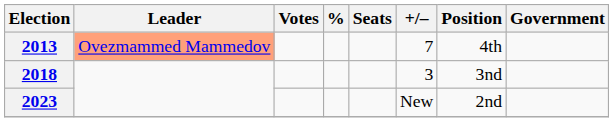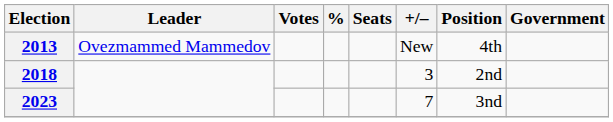 <table class=wikitable style="text-align: right;">
 <tr>
 <th>Election</th>
 <th>Leader</th>
 <th>Votes</th>
 <th>%</th>
 <th>Seats</th>
 <th>+/–</th>
 <th>Position</th>
 <th>Government</th>
 </tr>
 <tr>
 <th><a href='#'>2013</a></th>
-<td style="background: lightsalmon;"><a href='#'>Ovezmammed Mammedov</a></td>
+<td><a href='#'>Ovezmammed Mammedov</a></td>
 <td></td>
 <td></td>
 <td></td>
-<td> 7</td>
+<td>New</td>
 <td>4th</td>
 <td></td>
 </tr>
 <tr>
 <th><a href='#'>2018</a></th>
 <td rowspan=2></td>
 <td></td>
 <td></td>
 <td></td>
 <td> 3</td>
-<td> 3nd</td>
+<td> 2nd</td>
 <td></td>
 </tr>
 <tr>
 <th><a href='#'>2023</a></th>
 <td></td>
 <td></td>
 <td></td>
-<td>New</td>
-<td> 2nd</td>
+<td> 7</td>
+<td> 3nd</td>
 <td></td>
 </tr>
 <tr>
 </tr>
 </table>
